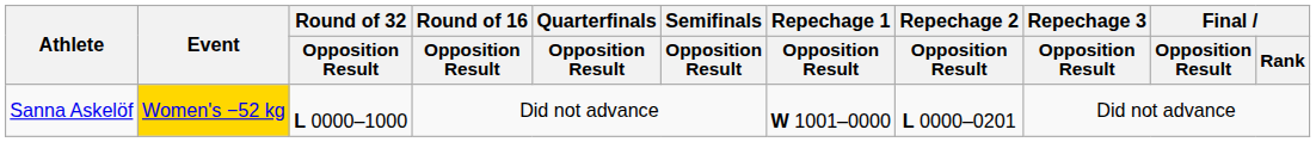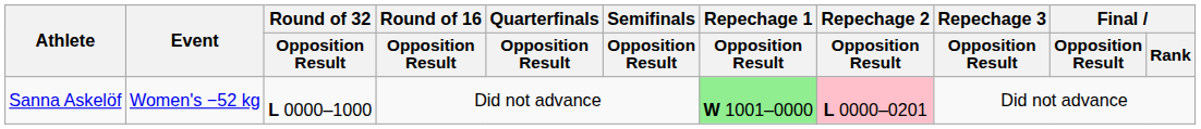 <table class="wikitable" style="font-size:90%">
 <tr>
 <th rowspan="2">Athlete</th>
 <th rowspan="2">Event</th>
 <th>Round of 32</th>
 <th>Round of 16</th>
 <th>Quarterfinals</th>
 <th>Semifinals</th>
 <th>Repechage 1</th>
 <th>Repechage 2</th>
 <th>Repechage 3</th>
 <th colspan=2>Final / </th>
 </tr>
 <tr style="font-size:95%">
 <th>Opposition<br>Result</th>
 <th>Opposition<br>Result</th>
 <th>Opposition<br>Result</th>
 <th>Opposition<br>Result</th>
 <th>Opposition<br>Result</th>
 <th>Opposition<br>Result</th>
 <th>Opposition<br>Result</th>
 <th>Opposition<br>Result</th>
 <th>Rank</th>
 </tr>
 <tr align=center>
 <td align=left><a href='#'>Sanna Askelöf</a></td>
-<td align=left style="background: gold;"><a href='#'>Women's −52 kg</a></td>
+<td align=left><a href='#'>Women's −52 kg</a></td>
 <td><br><strong>L</strong> 0000–1000</td>
 <td colspan=3>Did not advance</td>
-<td><br><strong>W</strong> 1001–0000</td>
-<td><br><strong>L</strong> 0000–0201</td>
+<td style="background: lightgreen;"><br><strong>W</strong> 1001–0000</td>
+<td style="background: pink;"><br><strong>L</strong> 0000–0201</td>
 <td colspan=3>Did not advance</td>
 </tr>
 </table>
